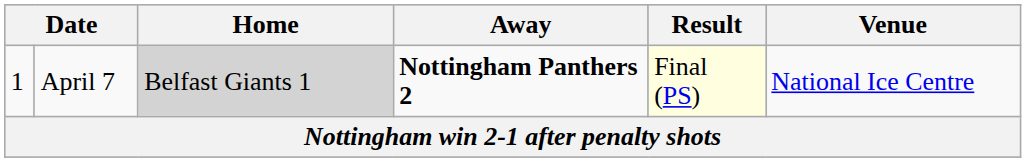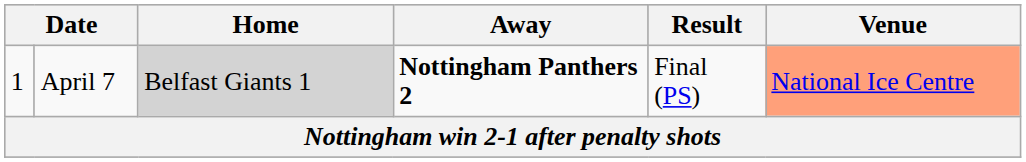 <table class="wikitable">
 <tr>
 <th colspan=2 width=75>Date</th>
 <th width=150>Home</th>
 <th width=150>Away</th>
 <th width=65>Result</th>
 <th width=150>Venue</th>
 </tr>
 <tr>
 <td>1</td>
 <td>April 7</td>
 <td style="background: lightgrey;">Belfast Giants 1</td>
 <td><strong>Nottingham Panthers 2</strong></td>
-<td style="background: lightyellow;">Final (<a href='#'>PS</a>)</td>
-<td><a href='#'>National Ice Centre</a></td>
+<td>Final (<a href='#'>PS</a>)</td>
+<td style="background: lightsalmon;"><a href='#'>National Ice Centre</a></td>
 </tr>
 <tr>
 <th colspan=8><strong><em>Nottingham win 2-1 after penalty shots</em></strong></th>
 </tr>
 </table>
